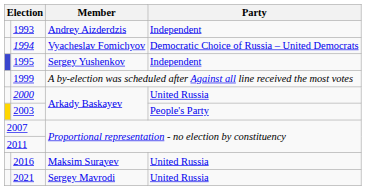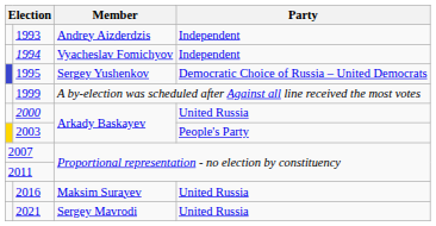 <table class="wikitable">
 <tr>
 <th colspan="2">Election</th>
 <th>Member</th>
 <th>Party</th>
 </tr>
 <tr>
 <td style="background-color:"></td>
 <td><a href='#'>1993</a></td>
 <td><a href='#'>Andrey Aizderdzis</a></td>
 <td><a href='#'>Independent</a></td>
 </tr>
 <tr>
 <td style="background-color:"></td>
 <td><em><a href='#'>1994</a></em></td>
 <td><a href='#'>Vyacheslav Fomichyov</a></td>
-<td><a href='#'>Democratic Choice of Russia – United Democrats</a></td>
+<td><a href='#'>Independent</a></td>
 </tr>
 <tr>
 <td style="background-color:#3A46CE"></td>
 <td><a href='#'>1995</a></td>
 <td><a href='#'>Sergey Yushenkov</a></td>
-<td><a href='#'>Independent</a></td>
+<td><a href='#'>Democratic Choice of Russia – United Democrats</a></td>
 </tr>
 <tr>
 <td style="background-color:"></td>
 <td><a href='#'>1999</a></td>
 <td colspan=2><em>A by-election was scheduled after <a href='#'>Against all</a> line received the most votes</em></td>
 </tr>
 <tr>
 <td style="background-color:"></td>
 <td><em><a href='#'>2000</a></em></td>
 <td rowspan=2><a href='#'>Arkady Baskayev</a></td>
 <td><a href='#'>United Russia</a></td>
 </tr>
 <tr>
 <td style="background-color:#FFD700"></td>
 <td><a href='#'>2003</a></td>
 <td><a href='#'>People's Party</a></td>
 </tr>
 <tr>
 <td colspan=2><a href='#'>2007</a></td>
 <td colspan=2 rowspan=2><em><a href='#'>Proportional representation</a> - no election by constituency</em></td>
 </tr>
 <tr>
 <td colspan=2><a href='#'>2011</a></td>
 </tr>
 <tr>
 <td style="background-color:"></td>
 <td><a href='#'>2016</a></td>
 <td><a href='#'>Maksim Surayev</a></td>
 <td><a href='#'>United Russia</a></td>
 </tr>
 <tr>
 <td style="background-color:"></td>
 <td><a href='#'>2021</a></td>
 <td><a href='#'>Sergey Mavrodi</a></td>
 <td><a href='#'>United Russia</a></td>
 </tr>
 </table>
